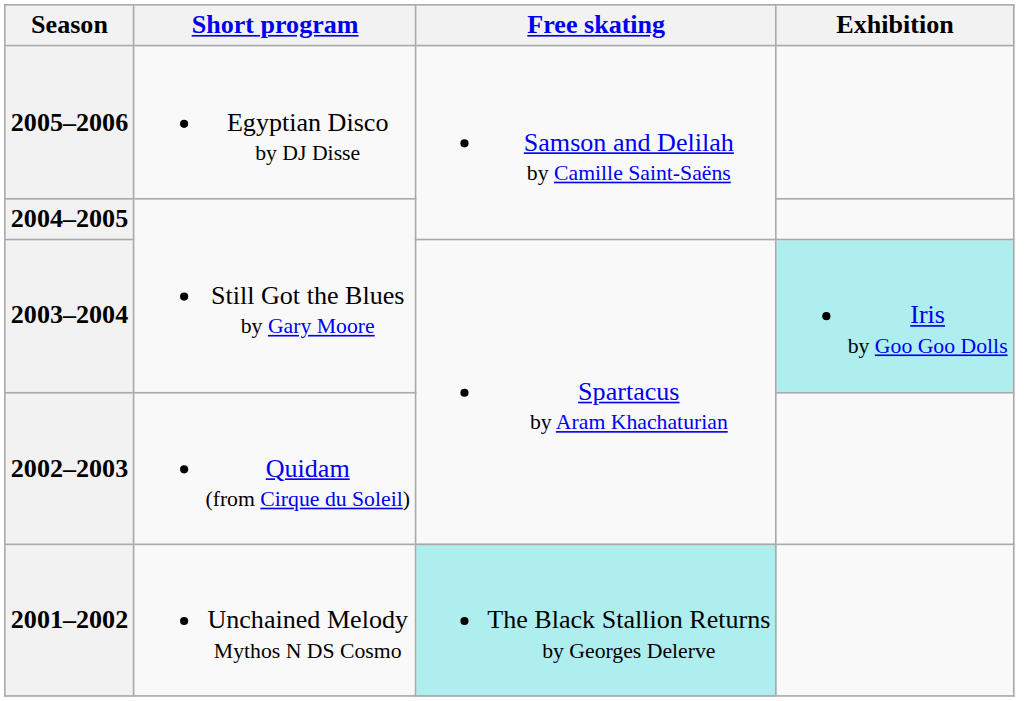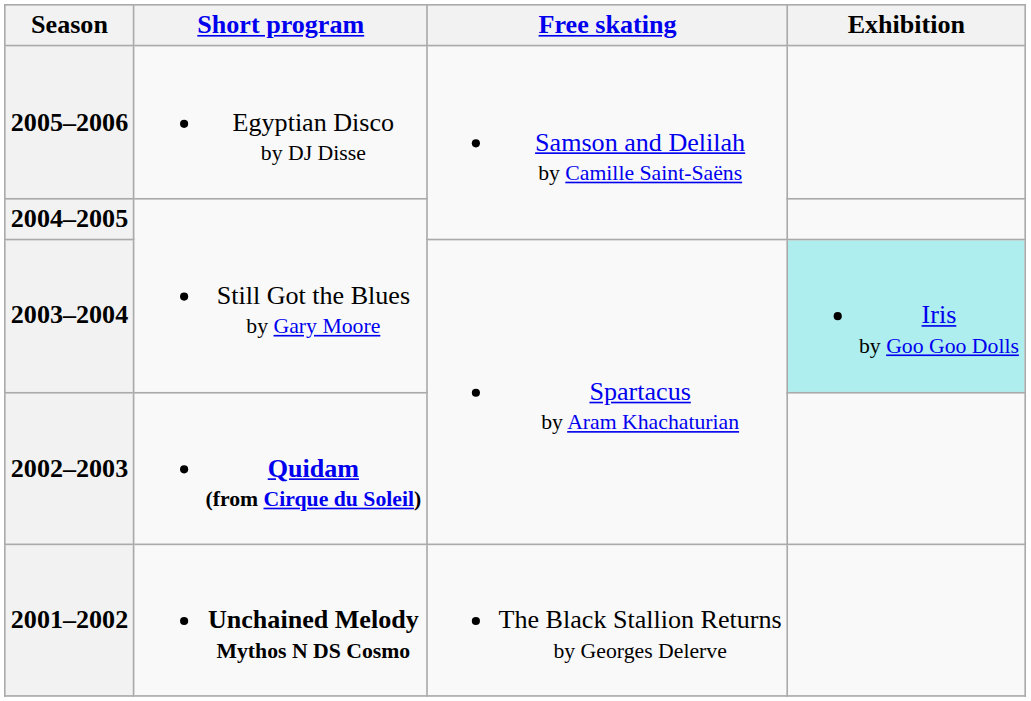 <table class="wikitable" style="text-align:center">
 <tr>
 <th>Season</th>
 <th><a href='#'>Short program</a></th>
 <th><a href='#'>Free skating</a></th>
 <th>Exhibition</th>
 </tr>
 <tr>
 <th>2005–2006 <br></th>
 <td><br><ul><li>Egyptian Disco <br><small> by DJ Disse </small></li></ul></td>
 <td rowspan=2><br><ul><li><a href='#'>Samson and Delilah</a> <br><small> by <a href='#'>Camille Saint-Saëns</a> </small></li></ul></td>
 <td></td>
 </tr>
 <tr>
 <th>2004–2005 <br></th>
 <td rowspan=2><br><ul><li>Still Got the Blues <br><small> by <a href='#'>Gary Moore</a> </small></li></ul></td>
 <td></td>
 </tr>
 <tr>
 <th>2003–2004 <br></th>
 <td rowspan=2><br><ul><li><a href='#'>Spartacus</a> <br><small> by <a href='#'>Aram Khachaturian</a> </small></li></ul></td>
 <td style="background: paleturquoise;"><br><ul><li><a href='#'>Iris</a> <br><small> by <a href='#'>Goo Goo Dolls</a> </small></li></ul></td>
 </tr>
 <tr>
 <th>2002–2003 <br></th>
-<td><br><ul><li><a href='#'>Quidam</a> <br><small> (from <a href='#'>Cirque du Soleil</a>) </small></li></ul></td>
+<td><strong><br><ul><li><a href='#'>Quidam</a> <br><small> (from <a href='#'>Cirque du Soleil</a>) </small></li></ul></strong></td>
 <td></td>
 </tr>
 <tr>
 <th>2001–2002 <br></th>
-<td><br><ul><li>Unchained Melody <br><small> Mythos N DS Cosmo </small></li></ul></td>
-<td style="background: paleturquoise;"><br><ul><li>The Black Stallion Returns <br><small> by Georges Delerve </small></li></ul></td>
+<td><strong><br><ul><li>Unchained Melody <br><small> Mythos N DS Cosmo </small></li></ul></strong></td>
+<td><br><ul><li>The Black Stallion Returns <br><small> by Georges Delerve </small></li></ul></td>
 <td></td>
 </tr>
 </table>
